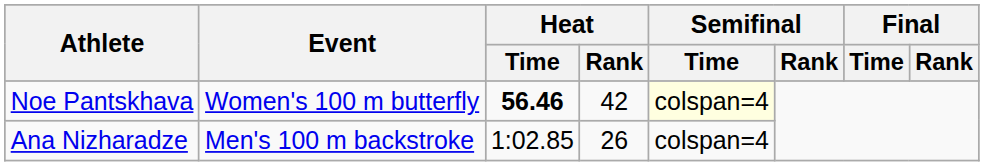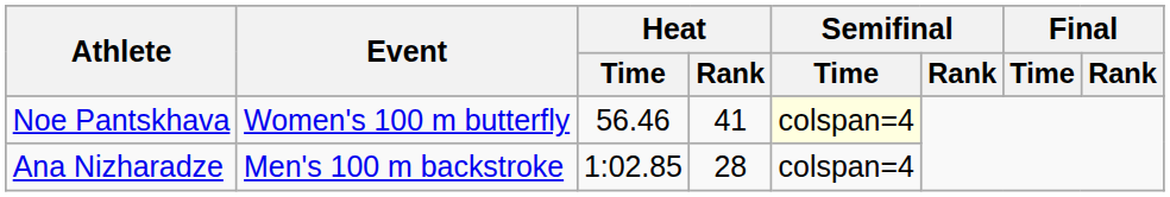 <table class=wikitable style="font-size:90%">
 <tr>
 <th rowspan="2">Athlete</th>
 <th rowspan="2">Event</th>
 <th colspan="2">Heat</th>
 <th colspan="2">Semifinal</th>
 <th colspan="2">Final</th>
 </tr>
 <tr style="font-size:95%">
 <th>Time</th>
 <th>Rank</th>
 <th>Time</th>
 <th>Rank</th>
 <th>Time</th>
 <th>Rank</th>
 </tr>
 <tr align=center>
 <td align=left><a href='#'>Noe Pantskhava</a></td>
 <td align=left><a href='#'>Women's 100 m butterfly</a></td>
-<td><strong>56.46</strong></td>
-<td>42</td>
+<td>56.46</td>
+<td>41</td>
 <td style="background: lightyellow;">colspan=4</td>
 </tr>
 <tr align=center>
 <td align=left><a href='#'>Ana Nizharadze</a></td>
 <td align=left><a href='#'>Men's 100 m backstroke</a></td>
 <td>1:02.85</td>
-<td>26</td>
+<td>28</td>
 <td>colspan=4</td>
 </tr>
 </table>
